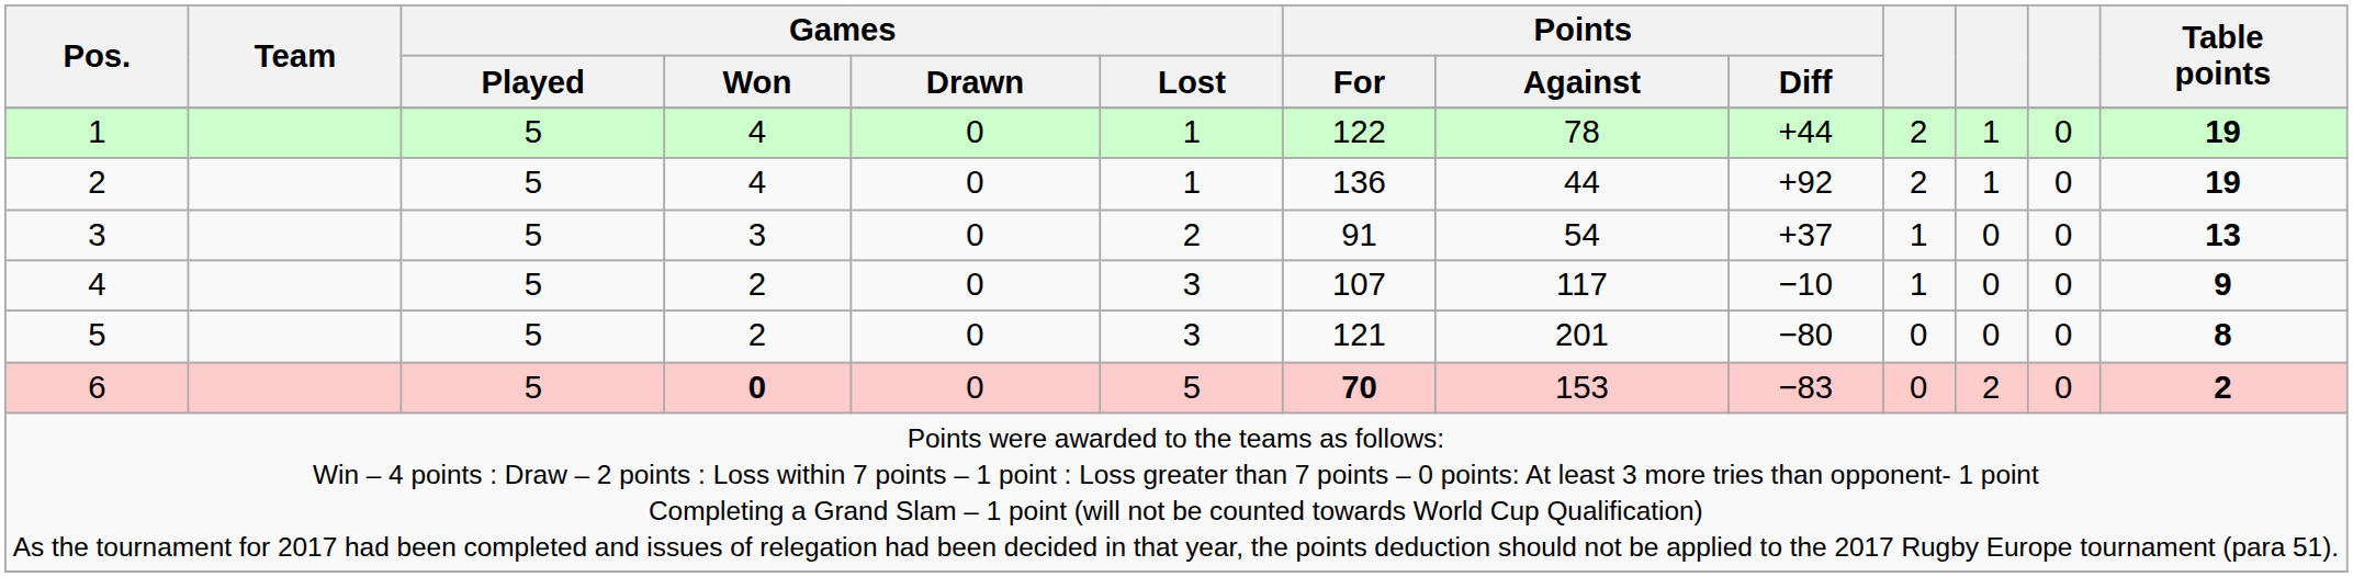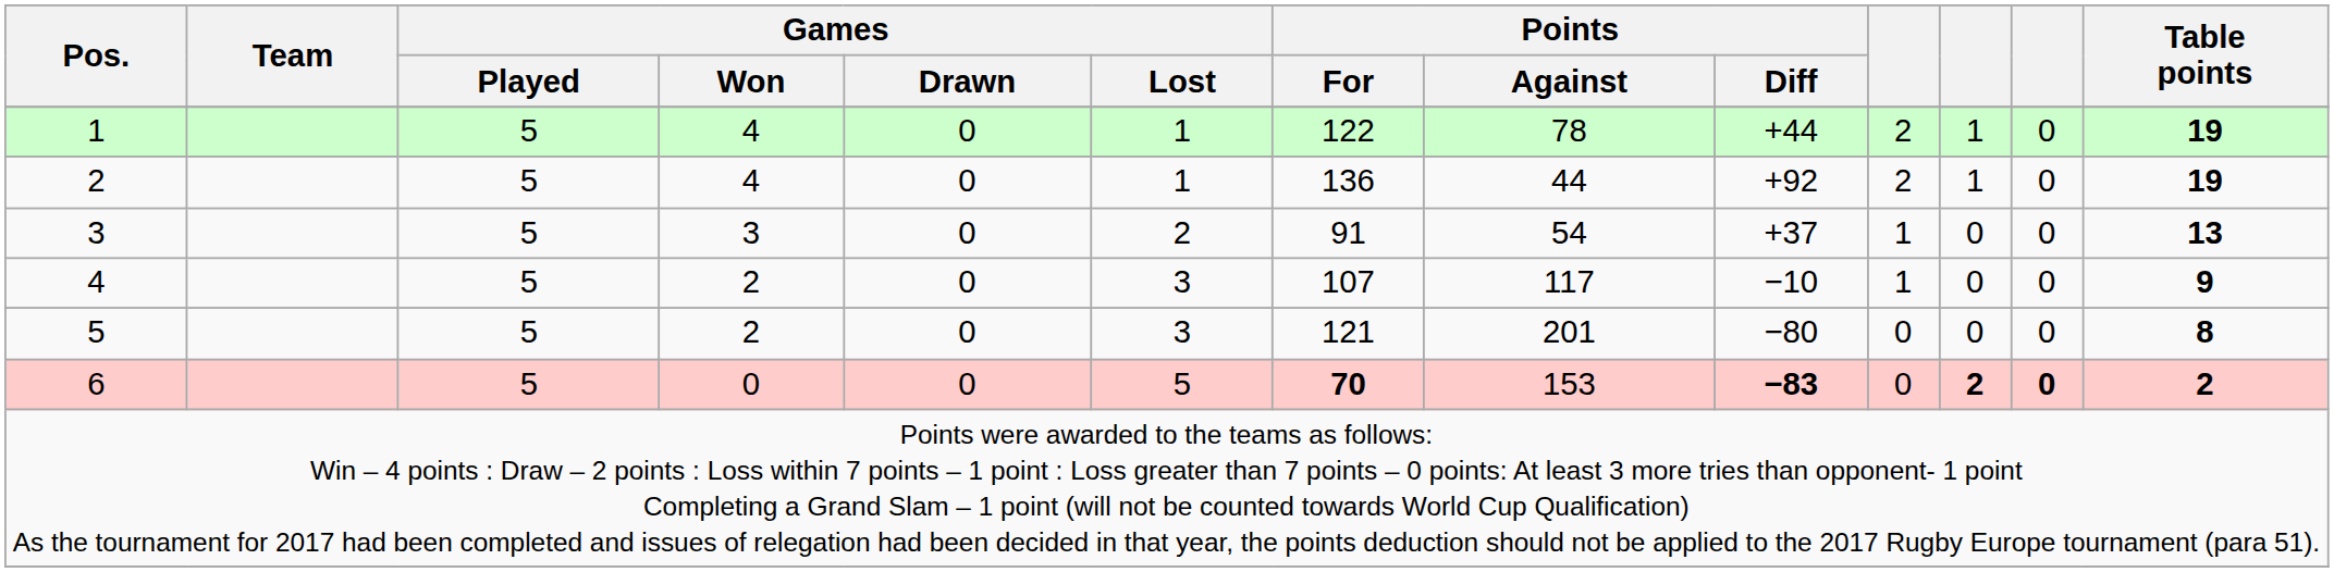 <table class="wikitable" style="text-align:center">
 <tr>
 <th rowspan="2">Pos.</th>
 <th rowspan="2">Team</th>
 <th colspan="4">Games</th>
 <th colspan="3">Points</th>
 <th rowspan="2"></th>
 <th rowspan="2"></th>
 <th rowspan="2"></th>
 <th rowspan="2">Table<br>points</th>
 </tr>
 <tr>
 <th>Played</th>
 <th>Won</th>
 <th>Drawn</th>
 <th>Lost</th>
 <th>For</th>
 <th>Against</th>
 <th>Diff</th>
 </tr>
 <tr>
 </tr>
 <tr align=center bgcolor=ccffcc>
 <td>1</td>
 <td align=left></td>
 <td>5</td>
 <td>4</td>
 <td>0</td>
 <td>1</td>
 <td>122</td>
 <td>78</td>
 <td>+44</td>
 <td>2</td>
 <td>1</td>
 <td>0</td>
 <td><strong>19</strong></td>
 </tr>
 <tr align=center>
 <td>2</td>
 <td align=left></td>
 <td>5</td>
 <td>4</td>
 <td>0</td>
 <td>1</td>
 <td>136</td>
 <td>44</td>
 <td>+92</td>
 <td>2</td>
 <td>1</td>
 <td>0</td>
 <td><strong>19</strong></td>
 </tr>
 <tr align=center>
 <td>3</td>
 <td align=left></td>
 <td>5</td>
 <td>3</td>
 <td>0</td>
 <td>2</td>
 <td>91</td>
 <td>54</td>
 <td>+37</td>
 <td>1</td>
 <td>0</td>
 <td>0</td>
 <td><strong>13</strong></td>
 </tr>
 <tr align=center>
 <td>4</td>
 <td align=left></td>
 <td>5</td>
 <td>2</td>
 <td>0</td>
 <td>3</td>
 <td>107</td>
 <td>117</td>
 <td>−10</td>
 <td>1</td>
 <td>0</td>
 <td>0</td>
 <td><strong>9</strong></td>
 </tr>
 <tr align=center>
 <td>5</td>
 <td align=left></td>
 <td>5</td>
 <td>2</td>
 <td>0</td>
 <td>3</td>
 <td>121</td>
 <td>201</td>
 <td>−80</td>
 <td>0</td>
 <td>0</td>
 <td>0</td>
 <td><strong>8</strong></td>
 </tr>
 <tr align=center bgcolor="#ffcccc">
 <td>6</td>
 <td align=left></td>
 <td>5</td>
-<td><strong>0</strong></td>
+<td>0</td>
 <td>0</td>
 <td>5</td>
 <td><strong>70</strong></td>
 <td>153</td>
-<td>−83</td>
+<td><strong>−83</strong></td>
 <td>0</td>
-<td>2</td>
-<td>0</td>
+<td><strong>2</strong></td>
+<td><strong>0</strong></td>
 <td><strong>2</strong></td>
 </tr>
 <tr align=center>
 <td colspan="100%" style="text-align:center;"><small>Points were awarded to the teams as follows:<br>Win – 4 points : Draw – 2 points  : Loss within 7 points – 1 point : Loss greater than 7 points – 0 points: At least 3 more tries than opponent- 1 point<br>Completing a Grand Slam – 1 point (will not be counted towards World Cup Qualification)<br>As the tournament for 2017 had been completed and issues of relegation had been decided in that year, the points deduction should not be applied to the 2017 Rugby Europe tournament (para 51).</small></td>
 </tr>
 <tr>
 </tr>
 </table>
